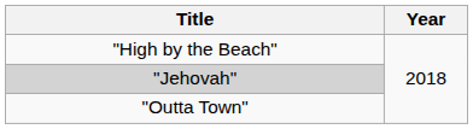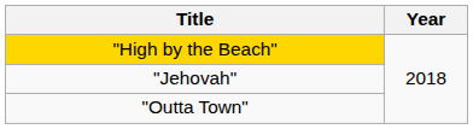 <table class="wikitable plainrowheaders" style="text-align:center;" border="1">
 <tr>
 <th style="width:20em;">Title</th>
 <th style="width:4em;">Year</th>
 </tr>
 <tr>
-<td>"High by the Beach" <br> </td>
+<td style="background: gold;">"High by the Beach" <br> </td>
 <td rowspan="3">2018</td>
 </tr>
 <tr>
-<td style="background: lightgrey;">"Jehovah" <br> </td>
+<td>"Jehovah" <br> </td>
 </tr>
 <tr>
 <td>"Outta Town"</td>
 </tr>
 </table>
